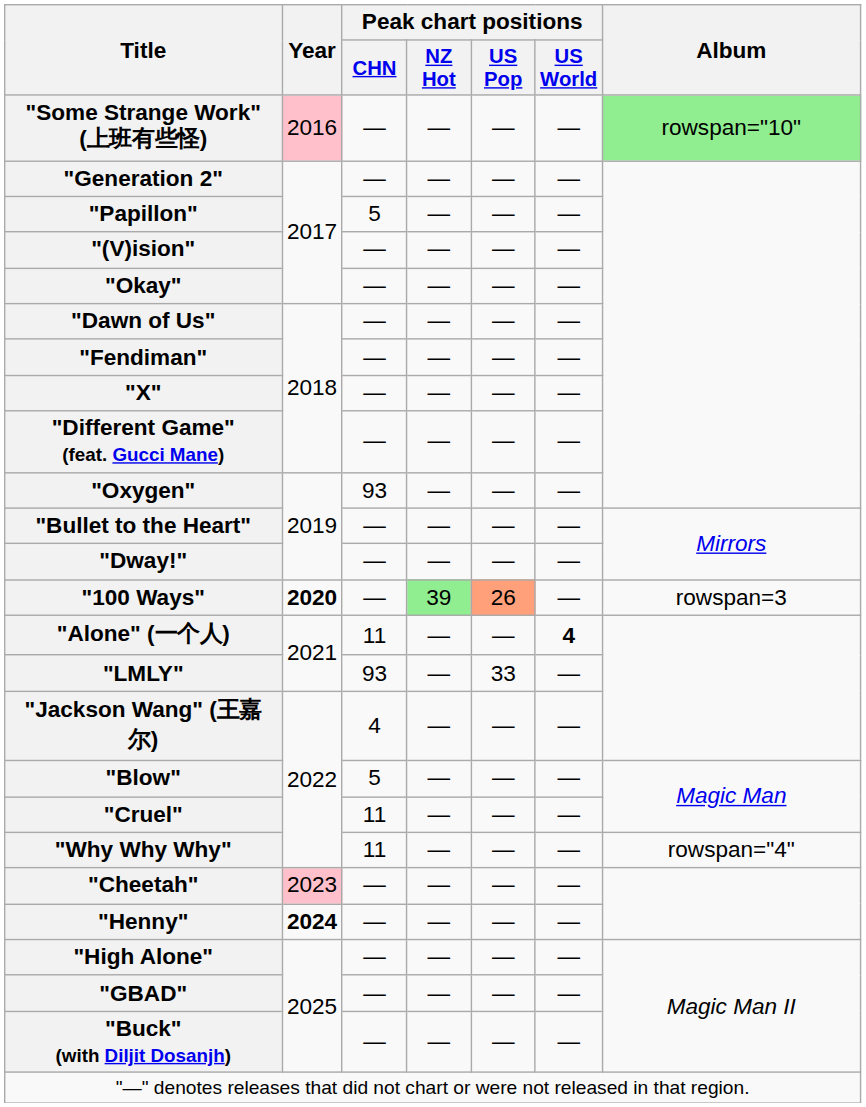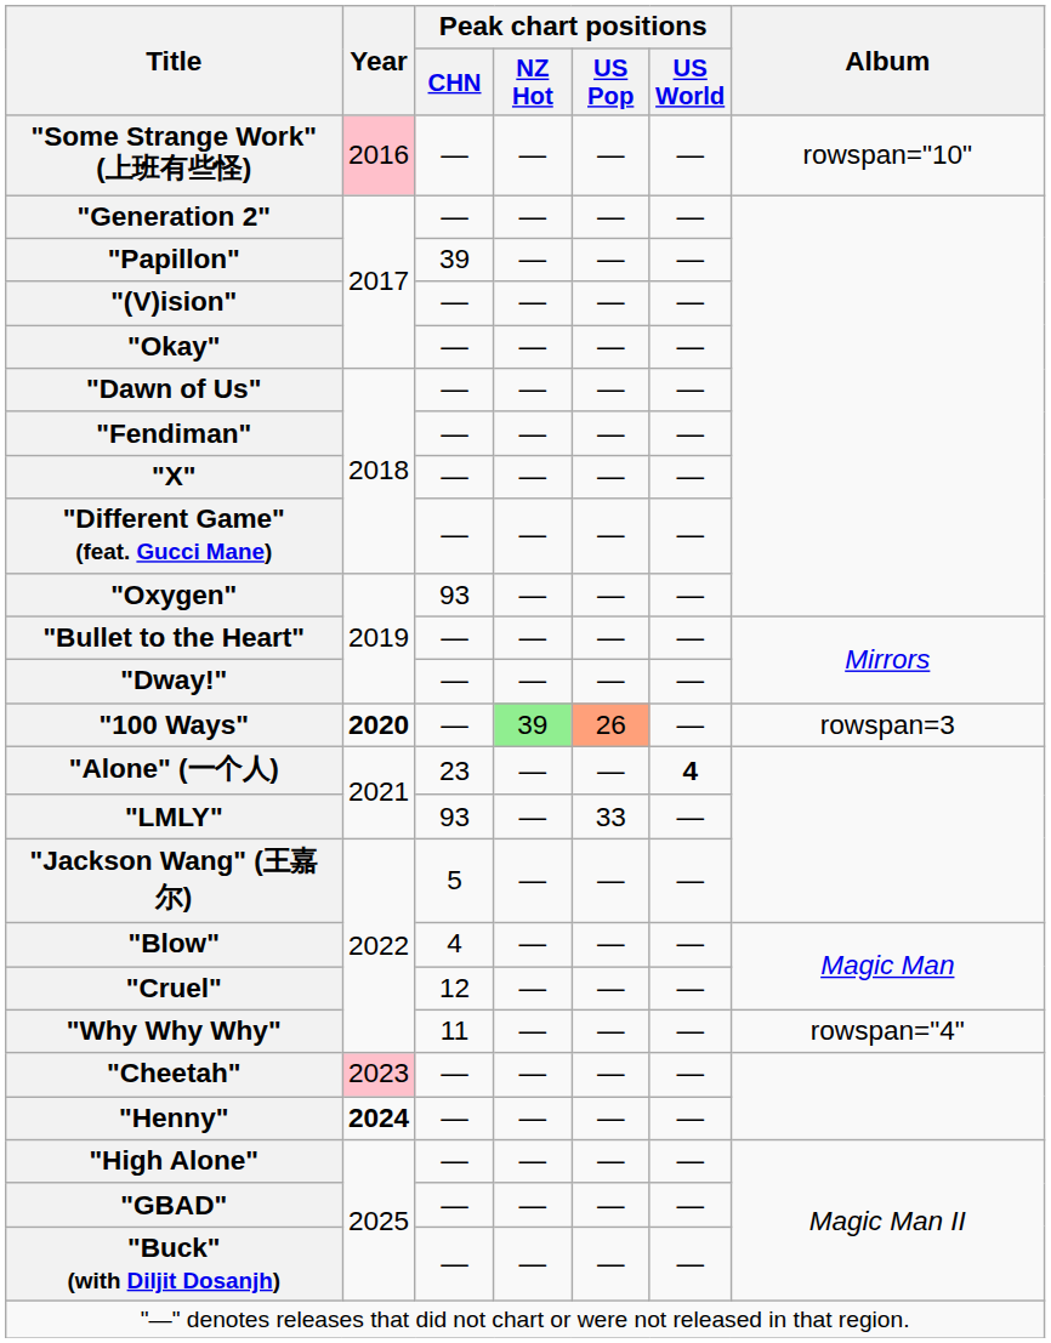 <table class="wikitable plainrowheaders" style="text-align:center;">
 <tr>
 <th scope="col" rowspan="2">Title</th>
 <th scope="col" rowspan="2">Year</th>
 <th colspan="4" scope="col">Peak chart positions</th>
 <th scope="col" rowspan="2" style="width:11em;">Album</th>
 </tr>
 <tr>
 <th scope="col" style="width:2.7em;font-size:90%;"><a href='#'>CHN</a><br></th>
 <th scope="col" style="width:2.7em;font-size:90%;"><a href='#'>NZ<br>Hot</a><br></th>
 <th scope="col" style="width:2.7em;font-size:90%;"><a href='#'>US<br>Pop</a><br></th>
 <th scope="col" style="width:2.7em;font-size:90%;"><a href='#'>US World</a><br></th>
 </tr>
 <tr>
 <th scope="row">"Some Strange Work" (上班有些怪)</th>
 <td style="background: pink;">2016</td>
 <td>—</td>
 <td>—</td>
 <td>—</td>
 <td>—</td>
-<td style="background: lightgreen;">rowspan="10" </td>
+<td>rowspan="10" </td>
 </tr>
 <tr>
 <th scope="row">"Generation 2"</th>
 <td rowspan="4">2017</td>
 <td>—</td>
 <td>—</td>
 <td>—</td>
 <td>—</td>
 </tr>
 <tr>
 <th scope="row">"Papillon"</th>
-<td>5</td>
+<td>39</td>
 <td>—</td>
 <td>—</td>
 <td>—</td>
 </tr>
 <tr>
 <th scope="row">"(V)ision"</th>
 <td>—</td>
 <td>—</td>
 <td>—</td>
 <td>—</td>
 </tr>
 <tr>
 <th scope="row">"Okay"</th>
 <td>—</td>
 <td>—</td>
 <td>—</td>
 <td>—</td>
 </tr>
 <tr>
 <th scope="row">"Dawn of Us"</th>
 <td rowspan="4">2018</td>
 <td>—</td>
 <td>—</td>
 <td>—</td>
 <td>—</td>
 </tr>
 <tr>
 <th scope="row">"Fendiman"</th>
 <td>—</td>
 <td>—</td>
 <td>—</td>
 <td>—</td>
 </tr>
 <tr>
 <th scope="row">"X"</th>
 <td>—</td>
 <td>—</td>
 <td>—</td>
 <td>—</td>
 </tr>
 <tr>
 <th scope="row">"Different Game" <br><small>(feat. <a href='#'>Gucci Mane</a>)</small></th>
 <td>—</td>
 <td>—</td>
 <td>—</td>
 <td>—</td>
 </tr>
 <tr>
 <th scope="row">"Oxygen"</th>
 <td rowspan="3">2019</td>
 <td>93</td>
 <td>—</td>
 <td>—</td>
 <td>—</td>
 </tr>
 <tr>
 <th scope="row">"Bullet to the Heart"</th>
 <td>—</td>
 <td>—</td>
 <td>—</td>
 <td>—</td>
 <td rowspan="2"><em><a href='#'>Mirrors</a></em></td>
 </tr>
 <tr>
 <th scope="row">"Dway!"</th>
 <td>—</td>
 <td>—</td>
 <td>—</td>
 <td>—</td>
 </tr>
 <tr>
 <th scope="row">"100 Ways"</th>
 <td><strong>2020</strong></td>
 <td>—</td>
 <td style="background: lightgreen;">39</td>
 <td style="background: lightsalmon;">26</td>
 <td>—</td>
 <td>rowspan=3 </td>
 </tr>
 <tr>
 <th scope="row">"Alone" (一个人)</th>
 <td rowspan="2">2021</td>
-<td>11</td>
+<td>23</td>
 <td>—</td>
 <td>—</td>
 <td><strong>4</strong></td>
 </tr>
 <tr>
 <th scope="row">"LMLY"</th>
 <td>93</td>
 <td>—</td>
 <td>33</td>
 <td>—</td>
 </tr>
 <tr>
 <th scope="row">"Jackson Wang" (王嘉尔)</th>
 <td rowspan="4">2022</td>
-<td>4</td>
+<td>5</td>
 <td>—</td>
 <td>—</td>
 <td>—</td>
 </tr>
 <tr>
 <th scope="row">"Blow"</th>
-<td>5</td>
+<td>4</td>
 <td>—</td>
 <td>—</td>
 <td>—</td>
 <td rowspan="2"><em><a href='#'>Magic Man</a></em></td>
 </tr>
 <tr>
 <th scope="row">"Cruel"</th>
-<td>11</td>
+<td>12</td>
 <td>—</td>
 <td>—</td>
 <td>—</td>
 </tr>
 <tr>
 <th scope="row">"Why Why Why"</th>
 <td>11</td>
 <td>—</td>
 <td>—</td>
 <td>—</td>
 <td>rowspan="4" </td>
 </tr>
 <tr>
 <th scope="row">"Cheetah"</th>
 <td style="background: pink;">2023</td>
 <td>—</td>
 <td>—</td>
 <td>—</td>
 <td>—</td>
 </tr>
 <tr>
 <th scope="row">"Henny"</th>
 <td><strong>2024</strong></td>
 <td>—</td>
 <td>—</td>
 <td>—</td>
 <td>—</td>
 </tr>
 <tr>
 <th scope="row">"High Alone"</th>
 <td rowspan="3">2025</td>
 <td>—</td>
 <td>—</td>
 <td>—</td>
 <td>—</td>
 <td rowspan="3"><em>Magic Man II</em></td>
 </tr>
 <tr>
 <th scope="row">"GBAD"</th>
 <td>—</td>
 <td>—</td>
 <td>—</td>
 <td>—</td>
 </tr>
 <tr>
 <th scope="row">"Buck"<br><small>(with <a href='#'>Diljit Dosanjh</a>)</small></th>
 <td>—</td>
 <td>—</td>
 <td>—</td>
 <td>—</td>
 </tr>
 <tr>
 <td colspan="7" style="font-size:85%">"—" denotes releases that did not chart or were not released in that region.</td>
 </tr>
 </table>
